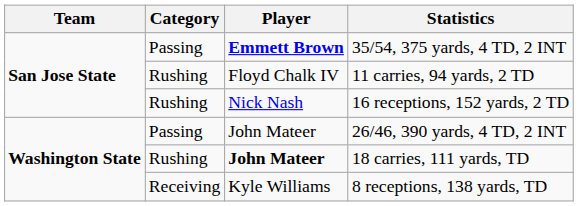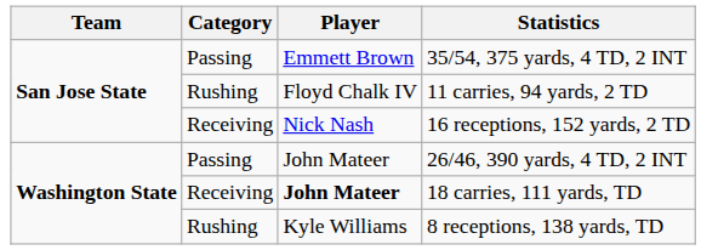 <table class="wikitable" style="float: right;">
 <tr>
 <th>Team</th>
 <th>Category</th>
 <th>Player</th>
 <th>Statistics</th>
 </tr>
 <tr>
 <td rowspan=3><strong>San Jose State</strong></td>
 <td>Passing</td>
-<td><strong><a href='#'>Emmett Brown</a></strong></td>
+<td><a href='#'>Emmett Brown</a></td>
 <td>35/54, 375 yards, 4 TD, 2 INT</td>
 </tr>
 <tr>
 <td>Rushing</td>
 <td>Floyd Chalk IV</td>
 <td>11 carries, 94 yards, 2 TD</td>
 </tr>
 <tr>
-<td>Rushing</td>
+<td>Receiving</td>
 <td><a href='#'>Nick Nash</a></td>
 <td>16 receptions, 152 yards, 2 TD</td>
 </tr>
 <tr>
 <td rowspan=3><strong>Washington State</strong></td>
 <td>Passing</td>
 <td>John Mateer</td>
 <td>26/46, 390 yards, 4 TD, 2 INT</td>
 </tr>
 <tr>
-<td>Rushing</td>
+<td>Receiving</td>
 <td><strong>John Mateer</strong></td>
 <td>18 carries, 111 yards, TD</td>
 </tr>
 <tr>
-<td>Receiving</td>
+<td>Rushing</td>
 <td>Kyle Williams</td>
 <td>8 receptions, 138 yards, TD</td>
 </tr>
 </table>
